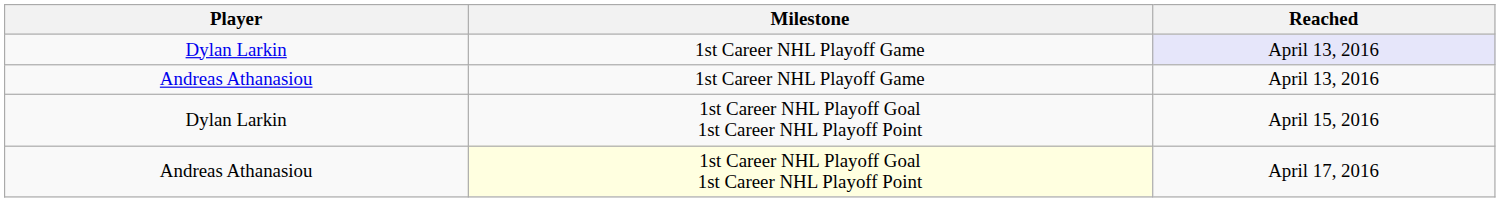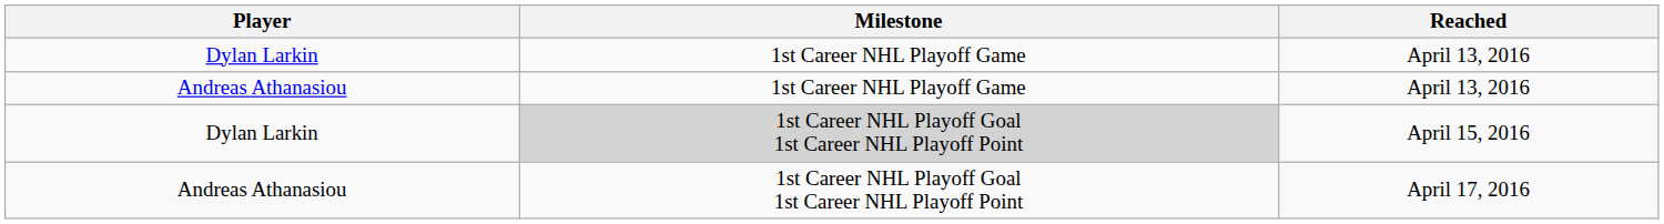 <table class="wikitable sortable" style="width:100%;">
 <tr align=center>
 <th>Player</th>
 <th>Milestone</th>
 <th data-sort-type="date">Reached</th>
 </tr>
 <tr align=center>
 <td><a href='#'>Dylan Larkin</a></td>
 <td>1st Career NHL Playoff Game</td>
-<td style="background: lavender;">April 13, 2016</td>
+<td>April 13, 2016</td>
 </tr>
 <tr align=center>
 <td><a href='#'>Andreas Athanasiou</a></td>
 <td>1st Career NHL Playoff Game</td>
 <td>April 13, 2016</td>
 </tr>
 <tr align=center>
 <td>Dylan Larkin</td>
-<td>1st Career NHL Playoff Goal<br>1st Career NHL Playoff Point</td>
+<td style="background: lightgrey;">1st Career NHL Playoff Goal<br>1st Career NHL Playoff Point</td>
 <td>April 15, 2016</td>
 </tr>
 <tr align=center>
 <td>Andreas Athanasiou</td>
-<td style="background: lightyellow;">1st Career NHL Playoff Goal<br>1st Career NHL Playoff Point</td>
+<td>1st Career NHL Playoff Goal<br>1st Career NHL Playoff Point</td>
 <td>April 17, 2016</td>
 </tr>
 </table>
